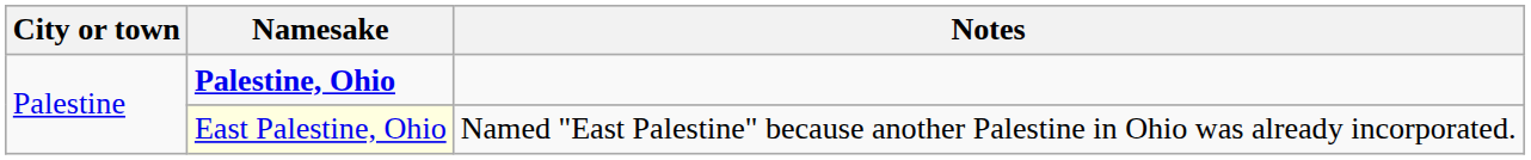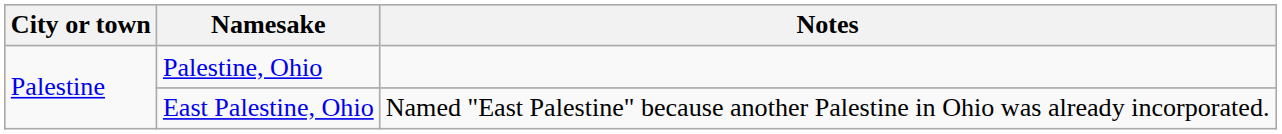 <table class="wikitable">
 <tr>
 <th>City or town</th>
 <th>Namesake</th>
 <th>Notes</th>
 </tr>
 <tr>
 <td rowspan="2"><a href='#'>Palestine</a></td>
-<td><strong><a href='#'>Palestine, Ohio</a></strong></td>
+<td><a href='#'>Palestine, Ohio</a></td>
 <td></td>
 </tr>
 <tr>
-<td style="background: lightyellow;"><a href='#'>East Palestine, Ohio</a></td>
+<td><a href='#'>East Palestine, Ohio</a></td>
 <td>Named "East Palestine" because another Palestine in Ohio was already incorporated.</td>
 </tr>
 </table>
